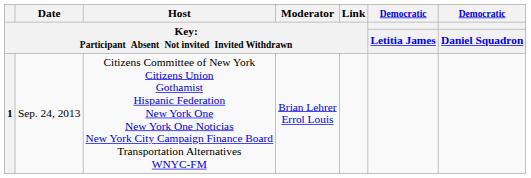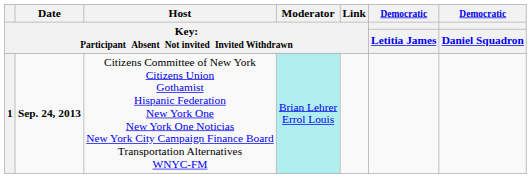 <table class="wikitable" style="text-align:center;">
 <tr>
 <th scope="col"></th>
 <th scope="col">Date</th>
 <th scope="col">Host</th>
 <th scope="col">Moderator</th>
 <th scope="col">Link</th>
 <th scope="col"><small><a href='#'>Democratic</a></small></th>
 <th scope="col"><small><a href='#'>Democratic</a></small></th>
 </tr>
 <tr>
 <th colspan="5" rowspan="2">Key:<br> <small>Participant </small>  <small>Absent </small>  <small>Not invited </small>  <small>Invited  Withdrawn</small></th>
 <th scope="col" style="background:"></th>
 <th scope="col" style="background:"></th>
 </tr>
 <tr>
 <th scope="col"><a href='#'>Letitia James</a></th>
 <th scope="col"><a href='#'>Daniel Squadron</a></th>
 </tr>
 <tr>
 <th>1</th>
-<td style="white-space:nowrap;">Sep. 24, 2013</td>
+<td style="white-space:nowrap;"><strong>Sep. 24, 2013</strong></td>
 <td style="white-space:nowrap;">Citizens Committee of New York<br><a href='#'>Citizens Union</a><br><a href='#'>Gothamist</a><br><a href='#'>Hispanic Federation</a><br><a href='#'>New York One</a><br><a href='#'>New York One Noticias</a><br><a href='#'>New York City Campaign Finance Board</a><br>Transportation Alternatives<br><a href='#'>WNYC-FM</a></td>
-<td style="white-space:nowrap;"><a href='#'>Brian Lehrer</a><br><a href='#'>Errol Louis</a></td>
+<td style="background: paleturquoise; white-space:nowrap;"><a href='#'>Brian Lehrer</a><br><a href='#'>Errol Louis</a></td>
 <td style="white-space:nowrap;"></td>
 <td></td>
 <td></td>
 </tr>
 </table>
